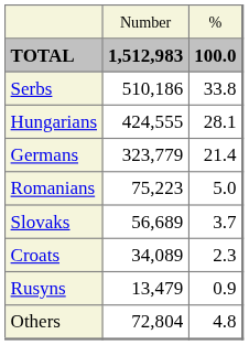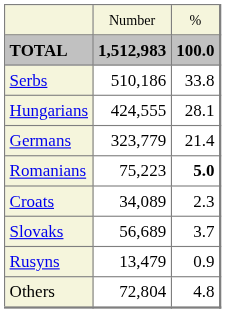 <table border=1 cellpadding=4 cellspacing=0 class="toccolours" style="align: left; margin: 0.5em 0 0 0; border-style: solid; border: 1px solid #7f7f7f; border-right-width: 2px; border-bottom-width: 2px; border-collapse: collapse; font-size: 95%;">
 <tr>
 <td style="background:#F5F5DC;"></td>
 <td style="background:#F5F5DC;" align="center"><small>Number</small></td>
 <td style="background:#F5F5DC;" align="center"><small>%</small></td>
 </tr>
 <tr>
 <td style="background:#c1c1c1;"><strong>TOTAL</strong></td>
 <td colspan=1 style="background:#c1c1c1;" align="center"><strong>1,512,983</strong></td>
 <td colspan=1 style="background:#c1c1c1;" align="center"><strong>100.0</strong></td>
 </tr>
 <tr>
 <td style="background:#F5F5DC;"><a href='#'>Serbs</a></td>
 <td align="right">510,186</td>
 <td align="right">33.8</td>
 </tr>
 <tr>
 <td style="background:#F5F5DC;"><a href='#'>Hungarians</a></td>
 <td align="right">424,555</td>
 <td align="right">28.1</td>
 </tr>
 <tr>
 <td style="background:#F5F5DC;"><a href='#'>Germans</a></td>
 <td align="right">323,779</td>
 <td align="right">21.4</td>
 </tr>
 <tr>
 <td style="background:#F5F5DC;"><a href='#'>Romanians</a></td>
 <td align="right">75,223</td>
-<td align="right">5.0</td>
+<td align="right"><strong>5.0</strong></td>
+</tr>
+<tr>
+<td style="background:#F5F5DC;"><a href='#'>Croats</a></td>
+<td align="right">34,089</td>
+<td align="right">2.3</td>
 </tr>
 <tr>
 <td style="background:#F5F5DC;"><a href='#'>Slovaks</a></td>
 <td align="right">56,689</td>
 <td align="right">3.7</td>
-</tr>
-<tr>
-<td style="background:#F5F5DC;"><a href='#'>Croats</a></td>
-<td align="right">34,089</td>
-<td align="right">2.3</td>
 </tr>
 <tr>
 <td style="background:#F5F5DC;"><a href='#'>Rusyns</a></td>
 <td align="right">13,479</td>
 <td align="right">0.9</td>
 </tr>
 <tr>
 <td style="background:#F5F5DC;">Others</td>
 <td align="right">72,804</td>
 <td align="right">4.8</td>
 </tr>
 </table>
